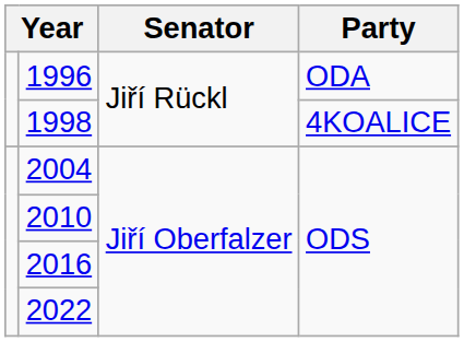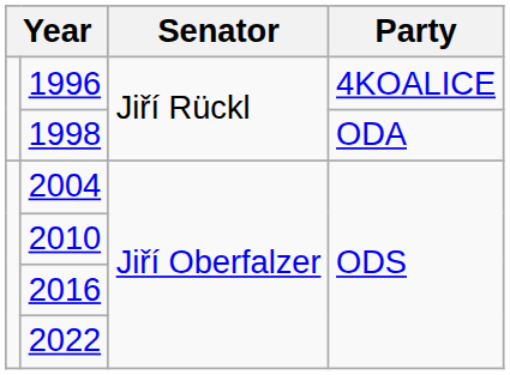 <table class="wikitable">
 <tr>
 <th colspan="2">Year</th>
 <th>Senator</th>
 <th>Party</th>
 </tr>
 <tr>
 <td rowspan="2" style="background-color:"></td>
 <td><a href='#'>1996</a></td>
 <td rowspan="2">Jiří Rückl</td>
-<td><a href='#'>ODA</a></td>
+<td><a href='#'>4KOALICE</a></td>
 </tr>
 <tr>
 <td><a href='#'>1998</a></td>
-<td><a href='#'>4KOALICE</a></td>
+<td><a href='#'>ODA</a></td>
 </tr>
 <tr>
 <td rowspan="4" style="background-color:"></td>
 <td><a href='#'>2004</a></td>
 <td rowspan="4"><a href='#'>Jiří Oberfalzer</a></td>
 <td rowspan="4"><a href='#'>ODS</a></td>
 </tr>
 <tr>
 <td><a href='#'>2010</a></td>
 </tr>
 <tr>
 <td><a href='#'>2016</a></td>
 </tr>
 <tr>
 <td><a href='#'>2022</a></td>
 </tr>
 </table>
